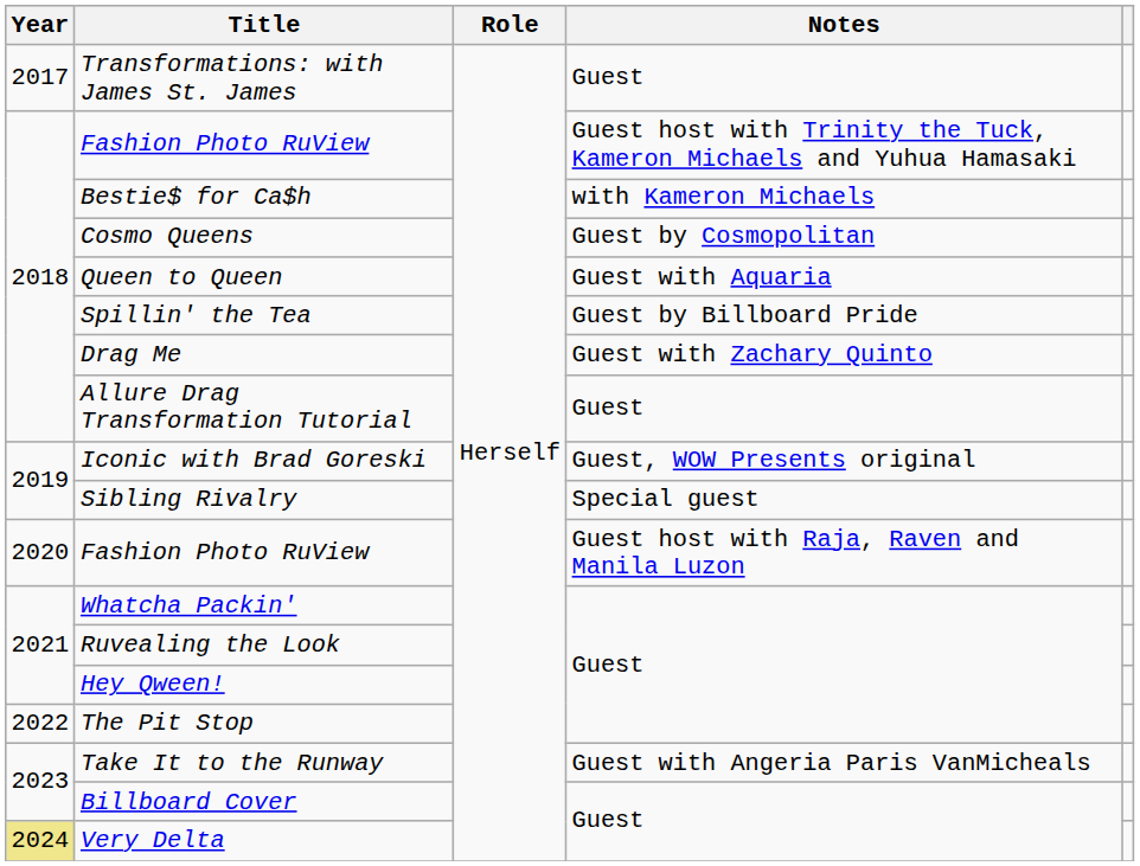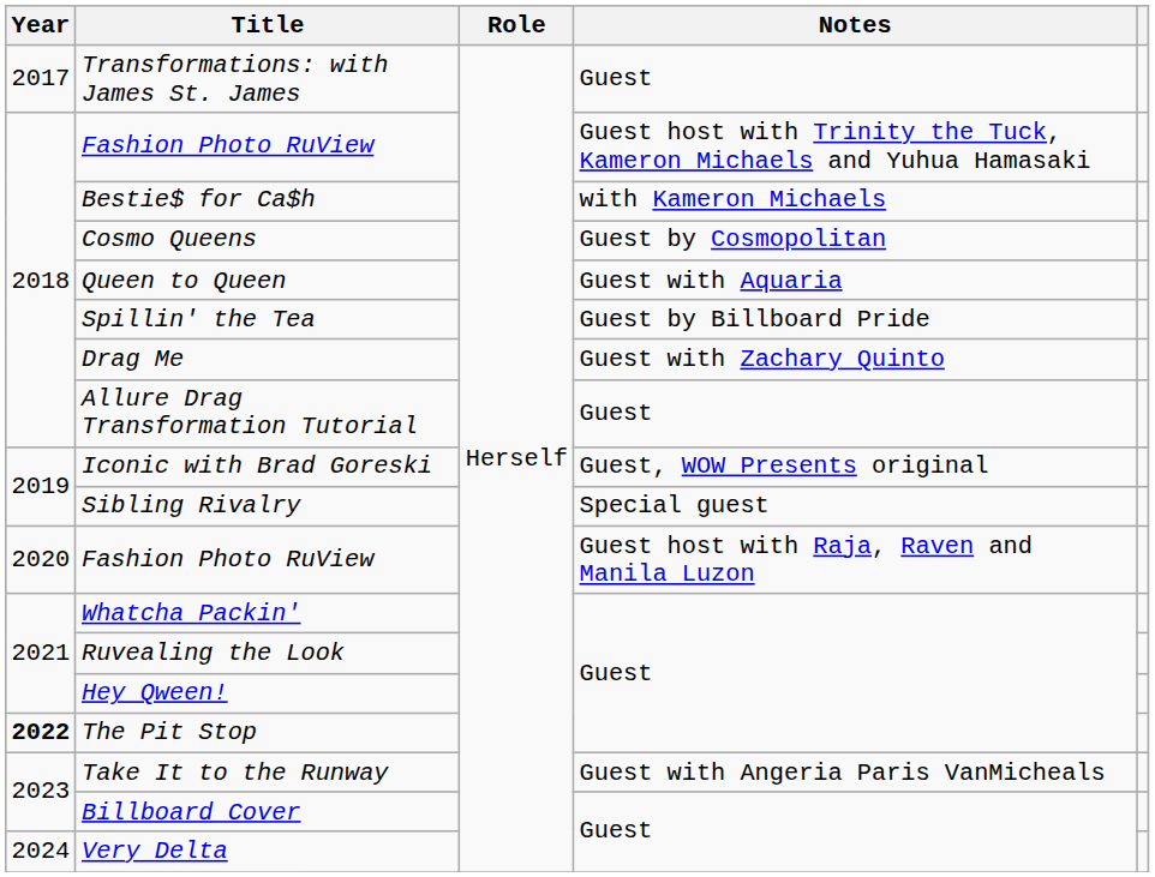 <table class="wikitable plainrowheaders sortable">
 <tr>
 <th scope="col">Year</th>
 <th scope="col">Title</th>
 <th scope="col">Role</th>
 <th scope="col">Notes</th>
 <th><strong></strong></th>
 </tr>
 <tr>
 <td>2017</td>
 <td><em>Transformations: with James St. James</em></td>
 <td rowspan="18">Herself</td>
 <td>Guest</td>
 <td></td>
 </tr>
 <tr>
 <td rowspan="7">2018</td>
 <td scope="row"><em><a href='#'>Fashion Photo RuView</a></em></td>
 <td>Guest host with <a href='#'>Trinity the Tuck</a>, <a href='#'>Kameron Michaels</a> and Yuhua Hamasaki</td>
 <td></td>
 </tr>
 <tr>
 <td scope="row"><em>Bestie$ for Ca$h</em></td>
 <td>with <a href='#'>Kameron Michaels</a></td>
 <td></td>
 </tr>
 <tr>
 <td scope="row"><em>Cosmo Queens</em></td>
 <td>Guest by <a href='#'>Cosmopolitan</a></td>
 <td></td>
 </tr>
 <tr>
 <td scope="row"><em>Queen to Queen</em></td>
 <td>Guest with <a href='#'>Aquaria</a></td>
 <td></td>
 </tr>
 <tr>
 <td scope="row"><em>Spillin' the Tea</em></td>
 <td>Guest by Billboard Pride</td>
 <td></td>
 </tr>
 <tr>
 <td scope="row"><em>Drag Me</em></td>
 <td>Guest with <a href='#'>Zachary Quinto</a></td>
 <td></td>
 </tr>
 <tr>
 <td scope="row"><em>Allure Drag Transformation Tutorial</em></td>
 <td>Guest</td>
 <td></td>
 </tr>
 <tr>
 <td rowspan="2">2019</td>
 <td scope="row"><em>Iconic with Brad Goreski</em></td>
 <td>Guest, <a href='#'>WOW Presents</a> original</td>
 <td></td>
 </tr>
 <tr>
 <td scope="row"><em>Sibling Rivalry</em></td>
 <td>Special guest</td>
 <td></td>
 </tr>
 <tr>
 <td>2020</td>
 <td scope="row"><em>Fashion Photo RuView</em></td>
 <td>Guest host with <a href='#'>Raja</a>, <a href='#'>Raven</a> and <a href='#'>Manila Luzon</a></td>
 <td></td>
 </tr>
 <tr>
 <td rowspan="3">2021</td>
 <td scope="row"><em><a href='#'>Whatcha Packin'</a></em></td>
 <td rowspan="4">Guest</td>
 <td></td>
 </tr>
 <tr>
 <td scope="row"><em>Ruvealing the Look</em></td>
 <td></td>
 </tr>
 <tr>
 <td scope="row"><em> <a href='#'>Hey Qween!</a></em></td>
 <td></td>
 </tr>
 <tr>
-<td>2022</td>
+<td><strong>2022</strong></td>
 <td scope="row"><em>The Pit Stop</em></td>
 <td></td>
 </tr>
 <tr>
 <td rowspan="2">2023</td>
 <td scope="row"><em>Take It to the Runway</em></td>
 <td>Guest with Angeria Paris VanMicheals</td>
 <td></td>
 </tr>
 <tr>
 <td scope="row"><em><a href='#'>Billboard Cover</a></em></td>
 <td rowspan="2">Guest</td>
 <td></td>
 </tr>
 <tr>
-<td style="background: khaki;">2024</td>
+<td>2024</td>
 <td><em><a href='#'>Very Delta</a></em></td>
 <td></td>
 </tr>
 </table>
